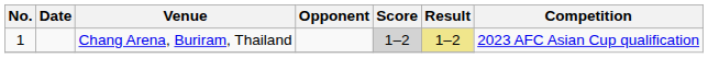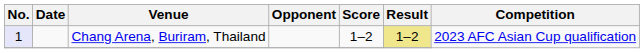 <table class="wikitable sortable">
 <tr>
 <th scope="col">No.</th>
 <th scope="col">Date</th>
 <th scope="col">Venue</th>
 <th scope="col">Opponent</th>
 <th scope="col">Score</th>
 <th scope="col">Result</th>
 <th scope="col">Competition</th>
 </tr>
 <tr>
-<td align="center">1</td>
+<td align="center" style="background: lavender;">1</td>
 <td></td>
 <td><a href='#'>Chang Arena</a>, <a href='#'>Buriram</a>, Thailand</td>
 <td></td>
-<td align="center" style="background: lightgrey;">1–2</td>
+<td align="center">1–2</td>
 <td align="center" style="background: khaki;">1–2</td>
 <td rowspan="2"><a href='#'>2023 AFC Asian Cup qualification</a></td>
 </tr>
 <tr>
 </tr>
 </table>
